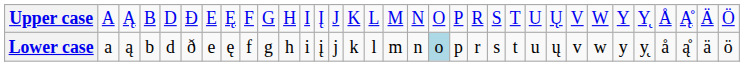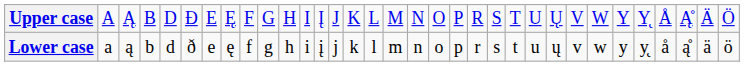 <table class="wikitable" style="text-align:center;">
 <tr>
 <th><a href='#'>Upper case</a></th>
 <td><a href='#'>A</a></td>
 <td><a href='#'>Ą</a></td>
 <td><a href='#'>B</a></td>
 <td><a href='#'>D</a></td>
 <td><a href='#'>Ð</a></td>
 <td><a href='#'>E</a></td>
 <td><a href='#'>Ę</a></td>
 <td><a href='#'>F</a></td>
 <td><a href='#'>G</a></td>
 <td><a href='#'>H</a></td>
 <td><a href='#'>I</a></td>
 <td><a href='#'>Į</a></td>
 <td><a href='#'>J</a></td>
 <td><a href='#'>K</a></td>
 <td><a href='#'>L</a></td>
 <td><a href='#'>M</a></td>
 <td><a href='#'>N</a></td>
 <td><a href='#'>O</a></td>
 <td><a href='#'>P</a></td>
 <td><a href='#'>R</a></td>
 <td><a href='#'>S</a></td>
 <td><a href='#'>T</a></td>
 <td><a href='#'>U</a></td>
 <td><a href='#'>Ų</a></td>
 <td><a href='#'>V</a></td>
 <td><a href='#'>W</a></td>
 <td><a href='#'>Y</a></td>
 <td><a href='#'>Y̨</a></td>
 <td><a href='#'>Å</a></td>
 <td><a href='#'>Ą̊</a></td>
 <td><a href='#'>Ä</a></td>
 <td><a href='#'>Ö</a></td>
 </tr>
 <tr>
 <th><a href='#'>Lower case</a></th>
 <td>a</td>
 <td>ą</td>
 <td>b</td>
 <td>d</td>
 <td>ð</td>
 <td>e</td>
 <td>ę</td>
 <td>f</td>
 <td>g</td>
 <td>h</td>
 <td>i</td>
 <td>į</td>
 <td>j</td>
 <td>k</td>
 <td>l</td>
 <td>m</td>
 <td>n</td>
-<td style="background: lightblue;">o</td>
+<td>o</td>
 <td>p</td>
 <td>r</td>
 <td>s</td>
 <td>t</td>
 <td>u</td>
 <td>ų</td>
 <td>v</td>
 <td>w</td>
 <td>y</td>
 <td>y̨</td>
 <td>å</td>
 <td>ą̊</td>
 <td>ä</td>
 <td>ö</td>
 </tr>
 </table>
